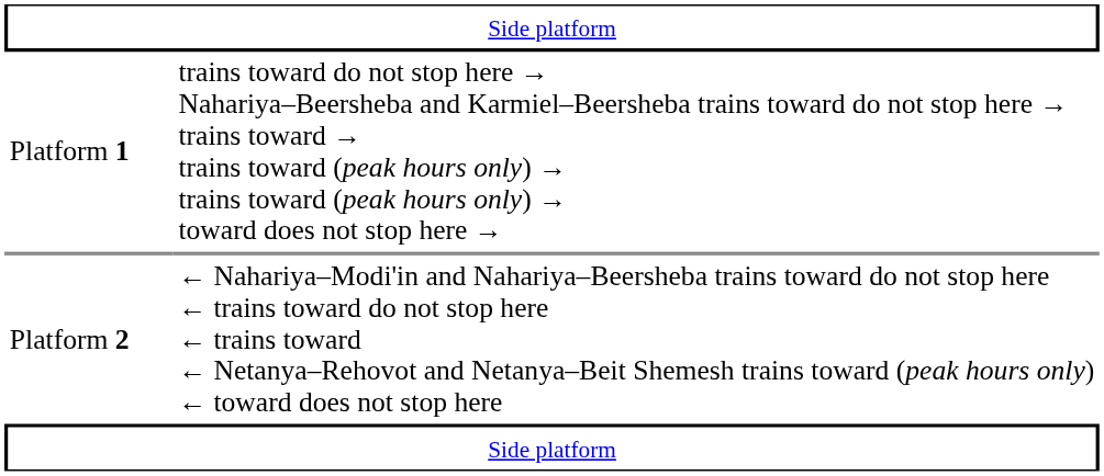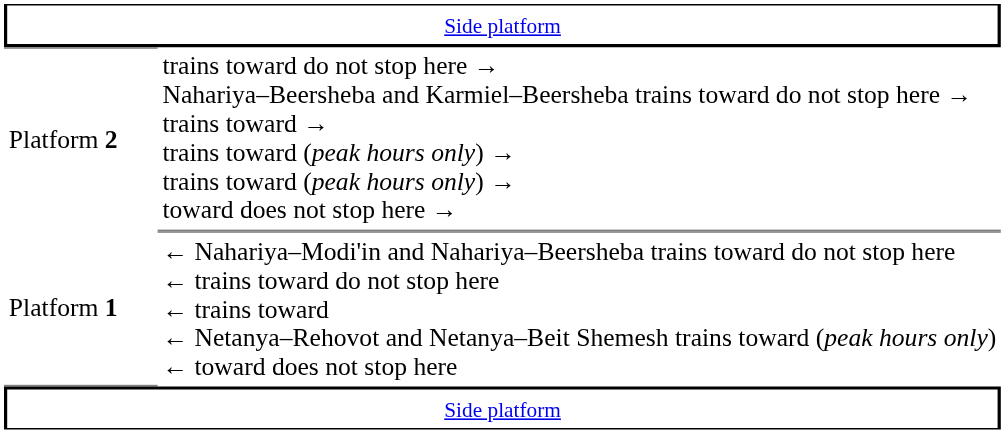 <table table border=0 cellspacing=0 cellpadding=3>
 <tr>
 <td style="border-top:solid 1-x black;border-top:solid 1px black;border-right:solid 2px black;border-left:solid 2px black;border-bottom:solid 2px black;text-align:center;" colspan=2><small><a href='#'>Side platform</a></small></td>
 </tr>
 <tr>
-<td style="border-bottom:solid 1px gray;" width=90>Platform <strong>1</strong></td>
+<td style="border-top:solid 1px gray;">Platform <strong>2</strong></td>
 <td style="border-bottom:solid 1px gray;">  trains toward  do not stop here →<br>   Nahariya–Beersheba and Karmiel–Beersheba trains toward  do not stop here →<br>  trains toward   →<br>  trains toward   (<em>peak hours only</em>) →<br>  trains toward   (<em>peak hours only</em>) →<br>  toward  does not stop here →</td>
 </tr>
 <tr>
-<td style="border-top:solid 1px gray;">Platform <strong>2</strong></td>
+<td style="border-bottom:solid 1px gray;" width=90>Platform <strong>1</strong></td>
 <td style="border-top:solid 1px gray;">←   Nahariya–Modi'in and Nahariya–Beersheba trains toward  do not stop here<br>←  trains toward  do not stop here<br>←  trains toward  <br>←   Netanya–Rehovot and Netanya–Beit Shemesh trains toward   (<em>peak hours only</em>)<br>←  toward  does not stop here</td>
 </tr>
 <tr>
 <td style="border-top:solid 2px black;border-right:solid 2px black;border-left:solid 2px black;border-bottom:solid 1px black;text-align:center;" colspan=2><small><a href='#'>Side platform</a></small></td>
 </tr>
 </table>
